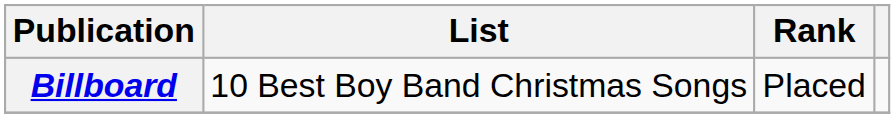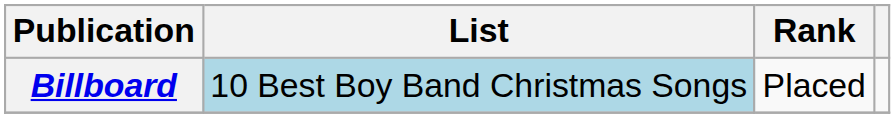 <table class="wikitable sortable plainrowheaders">
 <tr>
 <th scope="col">Publication</th>
 <th scope="col" class="unsortable">List</th>
 <th scope="col" data-sort-type="number">Rank</th>
 <th scope="col" class="unsortable"></th>
 </tr>
 <tr>
 <th scope="row"><em><a href='#'>Billboard</a></em></th>
-<td>10 Best Boy Band Christmas Songs</td>
+<td style="background: lightblue;">10 Best Boy Band Christmas Songs</td>
 <td style="text-align: center;">Placed</td>
 <td align="center"></td>
 </tr>
 <tr>
 </tr>
 </table>
